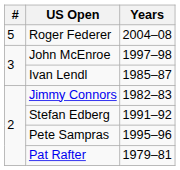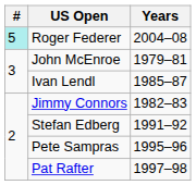 <table class="wikitable" style="display:inline-table;">
 <tr>
 <th width=20>#</th>
 <th>US Open</th>
 <th>Years</th>
 </tr>
 <tr>
-<td>5</td>
+<td style="background: paleturquoise;">5</td>
 <td> Roger Federer</td>
 <td>2004–08</td>
 </tr>
 <tr>
 <td rowspan="2">3</td>
 <td> John McEnroe</td>
-<td>1997–98</td>
+<td>1979–81</td>
 </tr>
 <tr>
 <td> Ivan Lendl</td>
 <td>1985–87</td>
 </tr>
 <tr>
 <td rowspan="4">2</td>
 <td> <a href='#'>Jimmy Connors</a></td>
 <td>1982–83</td>
 </tr>
 <tr>
 <td> Stefan Edberg</td>
 <td>1991–92</td>
 </tr>
 <tr>
 <td> Pete Sampras</td>
 <td>1995–96</td>
 </tr>
 <tr>
 <td> <a href='#'>Pat Rafter</a></td>
-<td>1979–81</td>
+<td>1997–98</td>
 </tr>
 </table>
